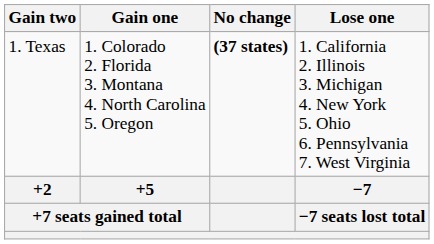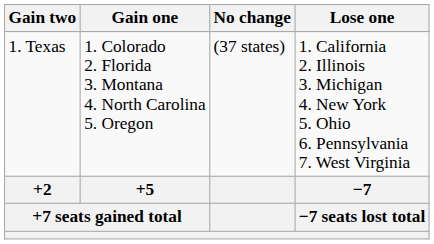 <table class="wikitable">
 <tr style="vertical-align:bottom;">
 <th colspan="1">Gain two</th>
 <th colspan="1">Gain one</th>
 <th>No change</th>
 <th colspan="1">Lose one</th>
 </tr>
 <tr style="vertical-align:top;">
 <td>1. Texas</td>
 <td>1. Colorado<br>2. Florida<br>3. Montana<br>4. North Carolina<br>5. Oregon</td>
-<td><strong>(37 states)</strong></td>
+<td>(37 states)</td>
 <td>1. California<br>2. Illinois<br>3. Michigan<br>4. New York<br>5. Ohio<br>6. Pennsylvania<br>7. West Virginia</td>
 </tr>
 <tr>
 <th>+2</th>
 <th>+5</th>
 <th></th>
 <th>−7</th>
 </tr>
 <tr>
 <th colspan="2">+7 seats gained total</th>
 <th></th>
 <th>−7 seats lost total</th>
 </tr>
 <tr>
 <th colspan="4"></th>
 </tr>
 </table>
